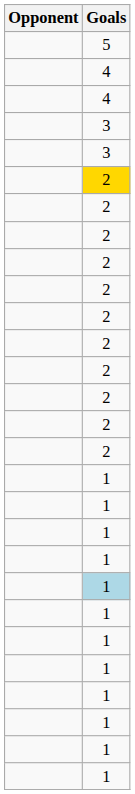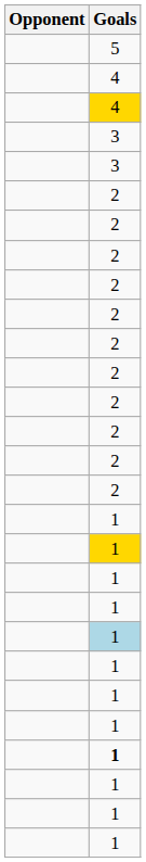 <table class="wikitable plainrowheaders sortable" style="text-align:center; font-size:95%;">
 <tr>
 <th scope="col">Opponent</th>
 <th scope="col">Goals</th>
 </tr>
 <tr>
 <td align="left"></td>
 <td>5</td>
 </tr>
 <tr>
 <td align="left"></td>
 <td>4</td>
 </tr>
 <tr>
 <td align="left"></td>
-<td>4</td>
+<td style="background: gold;">4</td>
 </tr>
 <tr>
 <td align="left"></td>
 <td>3</td>
 </tr>
 <tr>
 <td align="left"></td>
 <td>3</td>
 </tr>
 <tr>
 <td align="left"></td>
-<td style="background: gold;">2</td>
+<td>2</td>
 </tr>
 <tr>
 <td align="left"></td>
 <td>2</td>
 </tr>
 <tr>
 <td align="left"></td>
 <td>2</td>
 </tr>
 <tr>
 <td align="left"></td>
 <td>2</td>
 </tr>
 <tr>
 <td align="left"></td>
 <td>2</td>
 </tr>
 <tr>
 <td align="left"></td>
 <td>2</td>
 </tr>
 <tr>
 <td align="left"></td>
 <td>2</td>
 </tr>
 <tr>
 <td align="left"></td>
 <td>2</td>
 </tr>
 <tr>
 <td align="left"></td>
 <td>2</td>
 </tr>
 <tr>
 <td align="left"></td>
 <td>2</td>
 </tr>
 <tr>
 <td align="left"></td>
 <td>2</td>
 </tr>
 <tr>
 <td align="left"></td>
 <td>1</td>
 </tr>
 <tr>
 <td align="left"></td>
-<td>1</td>
+<td style="background: gold;">1</td>
 </tr>
 <tr>
 <td align="left"></td>
 <td>1</td>
 </tr>
 <tr>
 <td align="left"></td>
 <td>1</td>
 </tr>
 <tr>
 <td align="left"></td>
 <td style="background: lightblue;">1</td>
 </tr>
 <tr>
 <td align="left"></td>
 <td>1</td>
 </tr>
 <tr>
 <td align="left"></td>
 <td>1</td>
 </tr>
 <tr>
 <td align="left"></td>
 <td>1</td>
 </tr>
 <tr>
 <td align="left"></td>
-<td>1</td>
+<td><strong>1</strong></td>
 </tr>
 <tr>
 <td align="left"></td>
 <td>1</td>
 </tr>
 <tr>
 <td align="left"></td>
 <td>1</td>
 </tr>
 <tr>
 <td align="left"></td>
 <td>1</td>
 </tr>
 <tr>
 </tr>
 </table>
